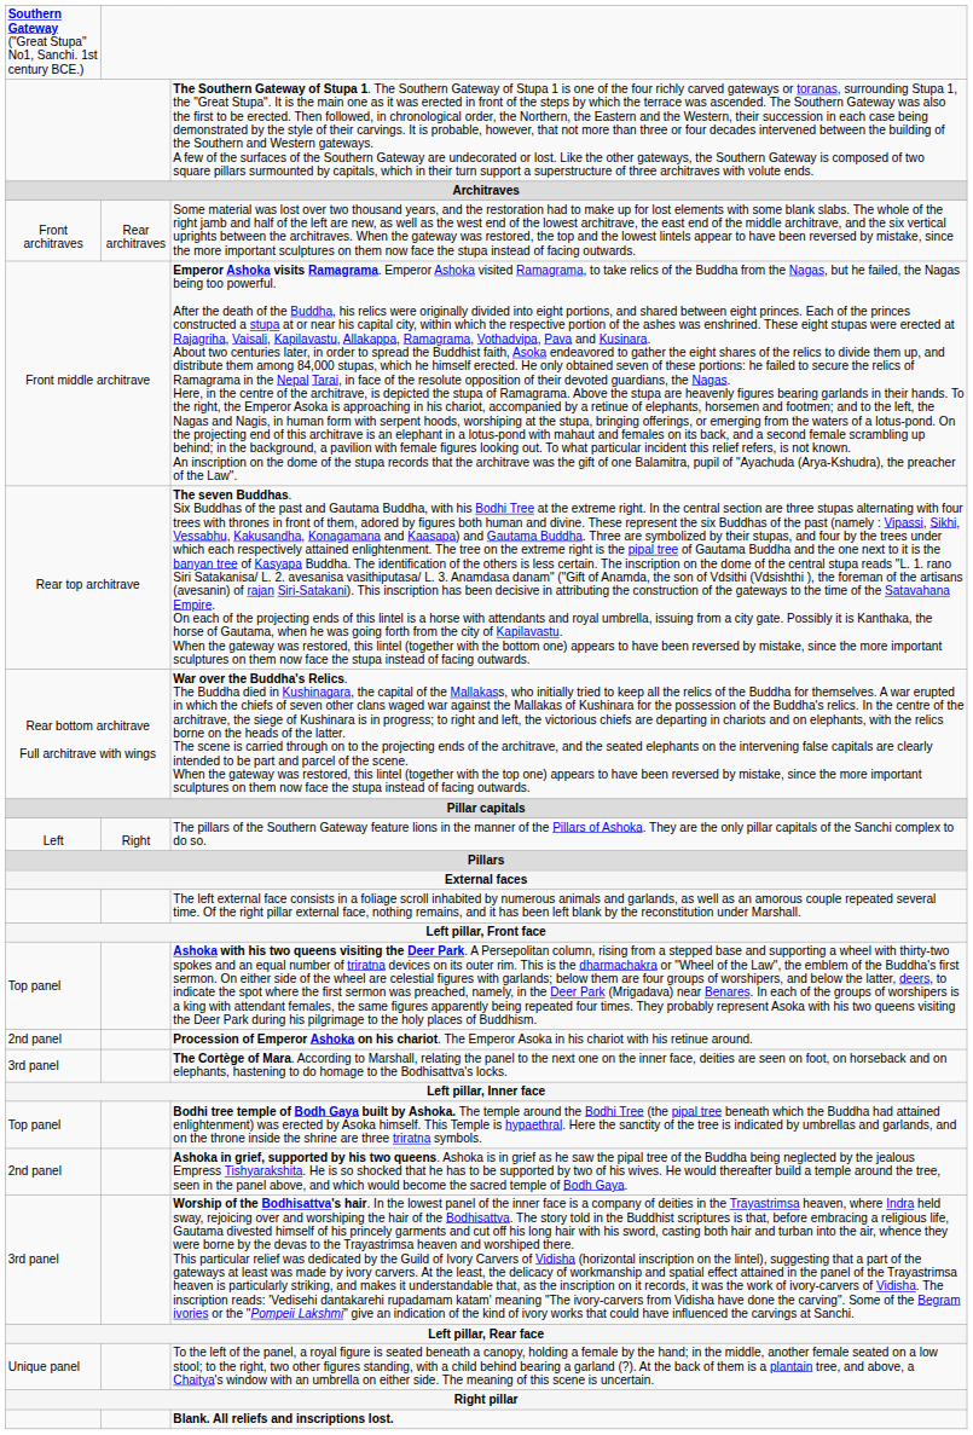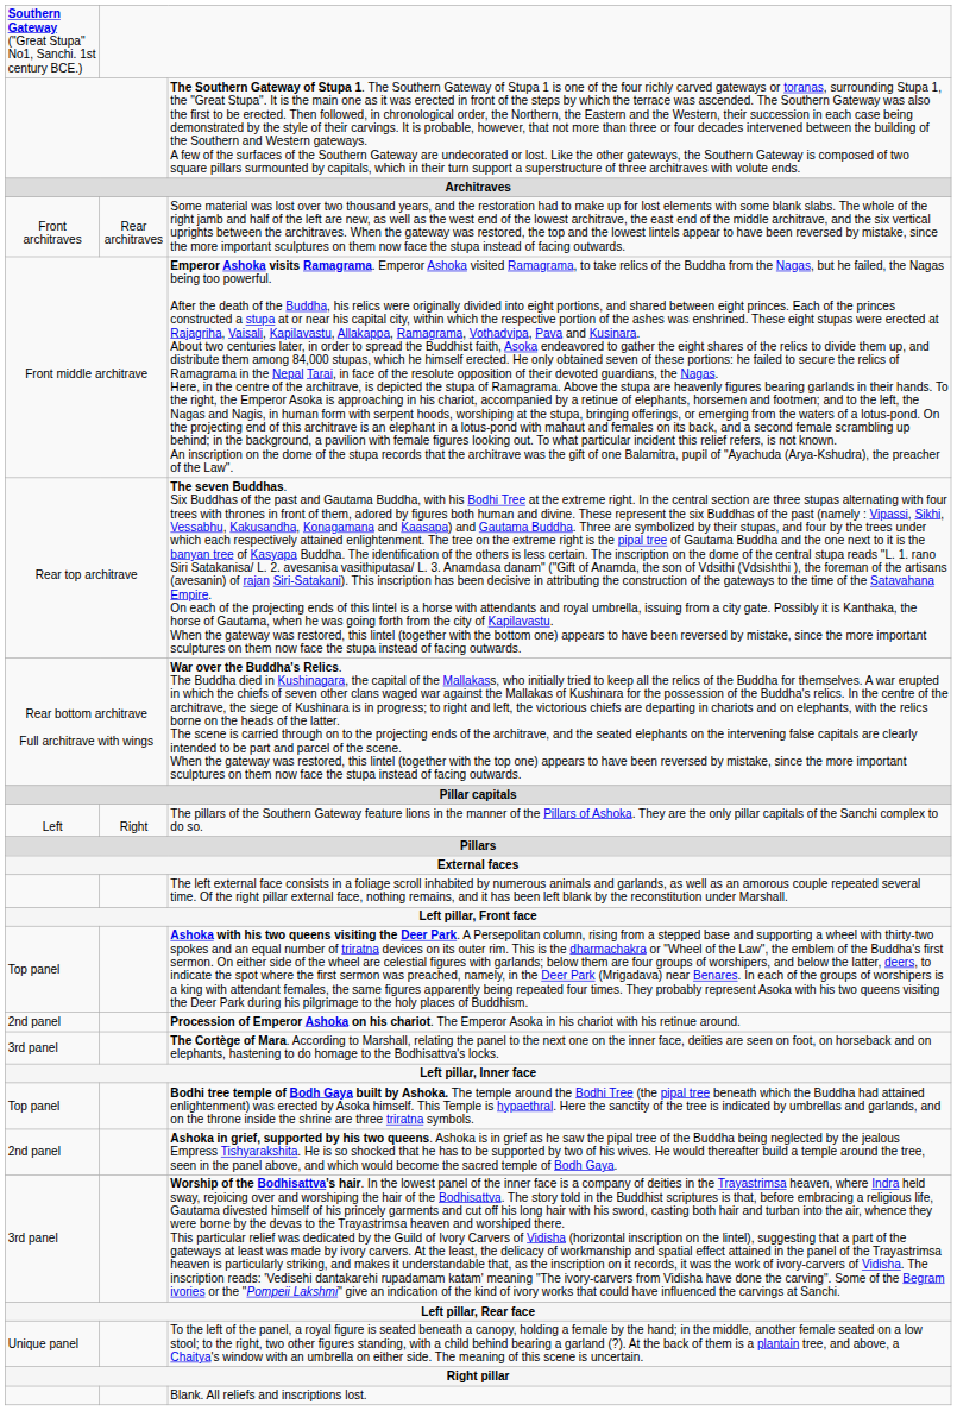 <table class="wikitable" style="margin:0 auto;"  align="center"  colspan="3" cellpadding="3" style="font-size: 80%; width: 100%;">
 <tr>
 <td state = ><strong><a href='#'>Southern Gateway</a></strong><br>("Great Stupa" No1, Sanchi. 1st century BCE.)</td>
 </tr>
 <tr>
 <td colspan=2 align="center" style="font-size: 100%; width: 1%;"></td>
 <td><strong>The Southern Gateway of Stupa 1</strong>. The Southern Gateway of Stupa 1 is one of the four richly carved gateways or <a href='#'>toranas</a>, surrounding Stupa 1, the "Great Stupa". It is the main one as it was erected in front of the steps by which the terrace was ascended. The Southern Gateway was also the first to be erected. Then followed, in chronological order, the Northern, the Eastern and the Western, their succession in each case being demonstrated by the style of their carvings. It is probable, however, that not more than three or four decades intervened between the building of the Southern and Western gateways.<br>A few of the surfaces of the Southern Gateway are undecorated or lost. Like the other gateways, the Southern Gateway is composed of two square pillars surmounted by capitals, which in their turn support a superstructure of three architraves with volute ends.</td>
 </tr>
 <tr>
 <td align=center colspan=3 style="background:#DCDCDC; font-size: 100%;"><strong>Architraves</strong></td>
 </tr>
 <tr>
 <td align="center"><br>Front architraves</td>
 <td align="center"><br>Rear architraves</td>
 <td>Some material was lost over two thousand years, and the restoration had to make up for lost elements with some blank slabs. The whole of the right jamb and half of the left are new, as well as the west end of the lowest architrave, the east end of the middle architrave, and the six vertical uprights between the architraves. When the gateway was restored, the top and the lowest lintels appear to have been reversed by mistake, since the more important sculptures on them now face the stupa instead of facing outwards.</td>
 </tr>
 <tr>
 <td colspan=2 align="center"><br>Front middle architrave</td>
 <td><strong>Emperor <a href='#'>Ashoka</a> visits <a href='#'>Ramagrama</a></strong>. Emperor <a href='#'>Ashoka</a> visited <a href='#'>Ramagrama</a>, to take relics of the Buddha from the <a href='#'>Nagas</a>, but he failed, the Nagas being too powerful.<br><br>After the death of the <a href='#'>Buddha</a>, his relics were originally divided into eight portions, and shared between eight princes. Each of the princes constructed a <a href='#'>stupa</a> at or near his capital city, within which the respective portion of the ashes was enshrined. These eight stupas were erected at <a href='#'>Rajagriha</a>, <a href='#'>Vaisali</a>, <a href='#'>Kapilavastu</a>, <a href='#'>Allakappa</a>, <a href='#'>Ramagrama</a>, <a href='#'>Vothadvipa</a>, <a href='#'>Pava</a> and <a href='#'>Kusinara</a>.<br> About two centuries later, in order to spread the Buddhist faith, <a href='#'>Asoka</a> endeavored to gather the eight shares of the relics to divide them up, and distribute them among 84,000 stupas, which he himself erected. He only obtained seven of these portions: he failed to secure the relics of Ramagrama in the <a href='#'>Nepal</a> <a href='#'>Tarai</a>, in face of the resolute opposition of their devoted guardians, the <a href='#'>Nagas</a>.<br> Here, in the centre of the architrave, is depicted the stupa of Ramagrama. Above the stupa are heavenly figures bearing garlands in their hands. To the right, the Emperor Asoka is approaching in his chariot, accompanied by a retinue of elephants, horsemen and footmen; and to the left, the Nagas and Nagis, in human form with serpent hoods, worshiping at the stupa, bringing offerings, or emerging from the waters of a lotus-pond. On the projecting end of this architrave is an elephant in a lotus-pond with mahaut and females on its back, and a second female scrambling up behind; in the background, a pavilion with female figures looking out. To what particular incident this relief refers, is not known.<br> An inscription on the dome of the stupa records that the architrave was the gift of one Balamitra, pupil of "Ayachuda (Arya-Kshudra), the preacher of the Law".</td>
 </tr>
 <tr>
 <td colspan=2 align="center"><br>Rear top architrave</td>
 <td><strong>The seven Buddhas</strong>.<br> Six Buddhas of the past and Gautama Buddha, with his <a href='#'>Bodhi Tree</a> at the extreme right. In the central section are three stupas alternating with four trees with thrones in front of them, adored by figures both human and divine. These represent the six Buddhas of the past (namely : <a href='#'>Vipassi</a>, <a href='#'>Sikhi</a>, <a href='#'>Vessabhu</a>, <a href='#'>Kakusandha</a>, <a href='#'>Konagamana</a> and <a href='#'>Kaasapa</a>) and <a href='#'>Gautama Buddha</a>. Three are symbolized by their stupas, and four by the trees under which each respectively attained enlightenment. The tree on the extreme right is the <a href='#'>pipal tree</a> of Gautama Buddha and the one next to it is the <a href='#'>banyan tree</a> of <a href='#'>Kasyapa</a> Buddha. The identification of the others is less certain.  The inscription on the dome of the central stupa reads "L. 1. rano Siri Satakanisa/ L. 2. avesanisa vasithiputasa/ L. 3. Anamdasa danam" ("Gift of Anamda, the son of Vdsithi (Vdsishthi ), the foreman of the artisans (avesanin) of <a href='#'>rajan</a> <a href='#'>Siri-Satakani</a>). This inscription has been decisive in attributing the construction of the gateways to the time of the <a href='#'>Satavahana Empire</a>.<br> On each of the projecting ends of this lintel is a horse with attendants and royal umbrella, issuing from a city gate. Possibly it is Kanthaka, the horse of Gautama, when he was going forth from the city of <a href='#'>Kapilavastu</a>.<br> When the gateway was restored, this lintel (together with the bottom one) appears to have been reversed by mistake, since the more important sculptures on them now face the stupa instead of facing outwards.</td>
 </tr>
 <tr>
 <td colspan=2 align="center"><br>Rear bottom architrave<br> <br> Full architrave with wings</td>
 <td><strong>War over the Buddha's Relics</strong>.<br>  The Buddha died in <a href='#'>Kushinagara</a>, the capital of the <a href='#'>Mallakas</a>s, who initially tried to keep all the relics of the Buddha for themselves. A war erupted in which the chiefs of seven other clans waged war against the Mallakas of Kushinara for the possession of the Buddha's relics. In the centre of the architrave, the siege of Kushinara is in progress; to right and left, the victorious chiefs are departing in chariots and on elephants, with the relics borne on the heads of the latter.<br> The scene is carried through on to the projecting ends of the architrave, and the seated elephants on the intervening false capitals are clearly intended to be part and parcel of the scene.<br> When the gateway was restored, this lintel (together with the top one) appears to have been reversed by mistake, since the more important sculptures on them now face the stupa instead of facing outwards.</td>
 </tr>
 <tr>
 <td align=center colspan=3 style="background:#DCDCDC; font-size: 100%;"><strong>Pillar capitals</strong></td>
 </tr>
 <tr>
 <td align="center"><br>Left</td>
 <td align="center"><br>Right</td>
 <td>The pillars of the Southern Gateway feature lions in the manner of the <a href='#'>Pillars of Ashoka</a>. They are the only pillar capitals of the Sanchi complex to do so.</td>
 </tr>
 <tr>
 <td align=center colspan=3 style="background:#DCDCDC; font-size: 100%;"><strong>Pillars</strong></td>
 </tr>
 <tr>
 <td align=center colspan=3 style="background:#F5F5F5; font-size: 100%;"><strong>External faces</strong></td>
 </tr>
 <tr>
 <td align=center></td>
 <td align=center></td>
 <td>The left external face consists in a foliage scroll inhabited by numerous animals and garlands, as well as an amorous couple repeated several time. Of the right pillar external face, nothing remains, and it has been left blank by the reconstitution under Marshall.</td>
 </tr>
 <tr>
 <td align=center colspan=3 style="background:#F5F5F5; font-size: 100%;"><strong>Left pillar, Front face</strong></td>
 </tr>
 <tr>
 <td style="width: 10%;">Top panel</td>
 <td align="center"></td>
 <td><strong><a href='#'>Ashoka</a> with his two queens visiting the <a href='#'>Deer Park</a></strong>. A Persepolitan column, rising from a stepped base and supporting a wheel with thirty-two spokes and an equal number of <a href='#'>triratna</a> devices on its outer rim. This is the <a href='#'>dharmachakra</a> or "Wheel of the Law", the emblem of the Buddha's first sermon. On either side of the wheel are celestial figures with garlands; below them are four groups of worshipers, and below the latter, <a href='#'>deers</a>, to indicate the spot where the first sermon was preached, namely, in the <a href='#'>Deer Park</a> (Mrigadava) near <a href='#'>Benares</a>. In each of the groups of worshipers is a king with attendant females, the same figures apparently being repeated four times. They probably represent Asoka with his two queens visiting the Deer Park during his pilgrimage to the holy places of Buddhism.</td>
 </tr>
 <tr>
 <td>2nd panel</td>
 <td align="center"></td>
 <td><strong>Procession of Emperor <a href='#'>Ashoka</a> on his chariot</strong>. The Emperor Asoka in his chariot with his retinue around.</td>
 </tr>
 <tr>
 <td>3rd panel</td>
 <td align="center"></td>
 <td><strong>The Cortège of Mara</strong>. According to Marshall, relating the panel to the next one on the inner face, deities are seen on foot, on horseback and on elephants, hastening to do homage to the Bodhisattva's locks.</td>
 </tr>
 <tr>
 <td align=center colspan=3 style="background:#F5F5F5; font-size: 100%;"><strong>Left pillar, Inner face</strong></td>
 </tr>
 <tr>
 <td>Top panel</td>
 <td align="center"></td>
 <td><strong>Bodhi tree temple of <a href='#'>Bodh Gaya</a> built by Ashoka.</strong> The temple around the <a href='#'>Bodhi Tree</a> (the <a href='#'>pipal tree</a> beneath which the Buddha had attained enlightenment) was erected by Asoka himself. This Temple is <a href='#'>hypaethral</a>. Here the sanctity of the tree is indicated by umbrellas and garlands, and on the throne inside the shrine are three <a href='#'>triratna</a> symbols.</td>
 </tr>
 <tr>
 <td>2nd panel</td>
 <td align="center"></td>
 <td><strong>Ashoka in grief, supported by his two queens</strong>. Ashoka is in grief as he saw the pipal tree of the Buddha being neglected by the jealous Empress <a href='#'>Tishyarakshita</a>. He is so shocked that he has to be supported by two of his wives. He would thereafter build a temple around the tree, seen in the panel above, and which would become the sacred temple of <a href='#'>Bodh Gaya</a>.</td>
 </tr>
 <tr>
 <td>3rd panel</td>
 <td align="center"></td>
 <td><strong>Worship of the <a href='#'>Bodhisattva</a>'s hair</strong>. In the lowest panel of the inner face is a company of deities in the <a href='#'>Trayastrimsa</a> heaven, where <a href='#'>Indra</a> held sway, rejoicing over and worshiping the hair of the <a href='#'>Bodhisattva</a>. The story told in the Buddhist scriptures is that, before embracing a religious life, Gautama divested himself of his princely garments and cut off his long hair with his sword, casting both hair and turban into the air, whence they were borne by the devas to the Trayastrimsa heaven and worshiped there.<br>This particular relief was dedicated by the Guild of Ivory Carvers of <a href='#'>Vidisha</a> (horizontal inscription on the lintel), suggesting that a part of the gateways at least was made by ivory carvers. At the least, the delicacy of workmanship and spatial effect attained in the panel of the Trayastrimsa heaven is particularly striking, and makes it understandable that, as the inscription on it records, it was the work of ivory-carvers of <a href='#'>Vidisha</a>. The inscription reads: 'Vedisehi dantakarehi rupadamam katam' meaning "The ivory-carvers from Vidisha have done the carving". Some of the <a href='#'>Begram ivories</a> or the "<em><a href='#'>Pompeii Lakshmi</a></em>" give an indication of the kind of ivory works that could have influenced the carvings at Sanchi.</td>
 </tr>
 <tr>
 <td align=center colspan=3 style="background:#F5F5F5; font-size: 100%;"><strong>Left pillar, Rear face</strong></td>
 </tr>
 <tr>
 <td>Unique panel</td>
 <td align="center"></td>
 <td>To the left of the panel, a royal figure is seated beneath a canopy, holding a female by the hand; in the middle, another female seated on a low stool; to the right, two other figures standing, with a child behind bearing a garland (?). At the back of them is a <a href='#'>plantain</a> tree, and above, a <a href='#'>Chaitya</a>'s window with an umbrella on either side. The meaning of this scene is uncertain.</td>
 </tr>
 <tr>
 <td align=center colspan=3 style="background:#F5F5F5; font-size: 100%;"><strong>Right pillar</strong></td>
 </tr>
 <tr>
 <td></td>
 <td></td>
-<td><strong>Blank. All reliefs and inscriptions lost.</strong></td>
+<td>Blank. All reliefs and inscriptions lost.</td>
 </tr>
 </table>
